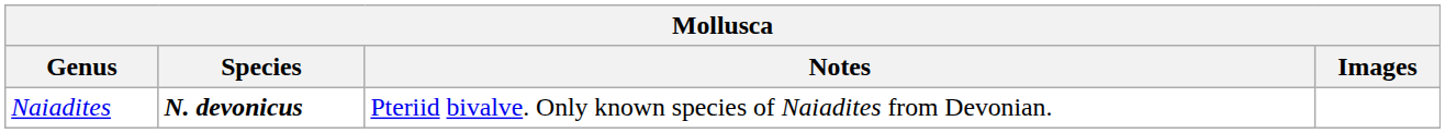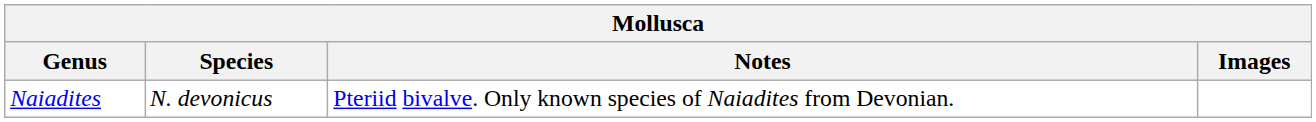 <table class="wikitable sortable" style="background:white; width:100%;">
 <tr>
 <th colspan="4" align="center">Mollusca</th>
 </tr>
 <tr>
 <th>Genus</th>
 <th>Species</th>
 <th>Notes</th>
 <th>Images</th>
 </tr>
 <tr>
 <td><em><a href='#'>Naiadites</a></em></td>
-<td><strong><em>N. devonicus</em></strong></td>
+<td><em>N. devonicus</em></td>
 <td><a href='#'>Pteriid</a> <a href='#'>bivalve</a>. Only known species of <em>Naiadites</em> from Devonian.</td>
 <td></td>
 </tr>
 </table>
